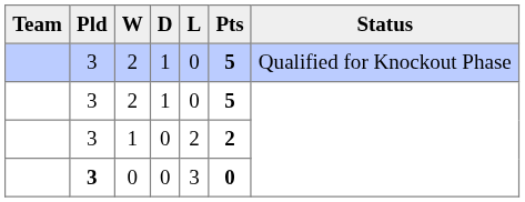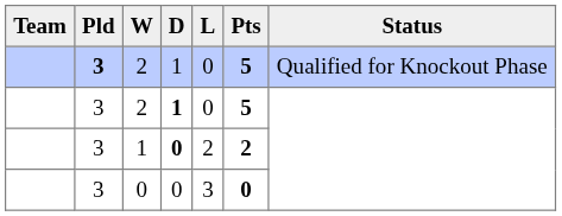 <table style=border-collapse:collapse border=1 cellspacing=0 cellpadding=5>
 <tr align=center bgcolor=#efefef>
 <th>Team</th>
 <th>Pld</th>
 <th>W</th>
 <th>D</th>
 <th>L</th>
 <th>Pts</th>
 <th>Status</th>
 </tr>
 <tr align=center style="background:#bbccff;">
 <td style="text-align:left;"> </td>
-<td>3</td>
+<td><strong>3</strong></td>
 <td>2</td>
 <td>1</td>
 <td>0</td>
 <td><strong>5</strong></td>
 <td rowspan=1>Qualified for Knockout Phase</td>
 </tr>
 <tr align=center style="background:#FFFFFF;">
 <td style="text-align:left;"> </td>
 <td>3</td>
 <td>2</td>
-<td>1</td>
+<td><strong>1</strong></td>
 <td>0</td>
 <td><strong>5</strong></td>
 <td rowspan=3></td>
 </tr>
 <tr align=center style="background:#FFFFFF;">
 <td style="text-align:left;"> </td>
 <td>3</td>
 <td>1</td>
-<td>0</td>
+<td><strong>0</strong></td>
 <td>2</td>
 <td><strong>2</strong></td>
 </tr>
 <tr align=center style="background:#FFFFFF;">
 <td style="text-align:left;"> </td>
-<td><strong>3</strong></td>
+<td>3</td>
 <td>0</td>
 <td>0</td>
 <td>3</td>
 <td><strong>0</strong></td>
 </tr>
 </table>
